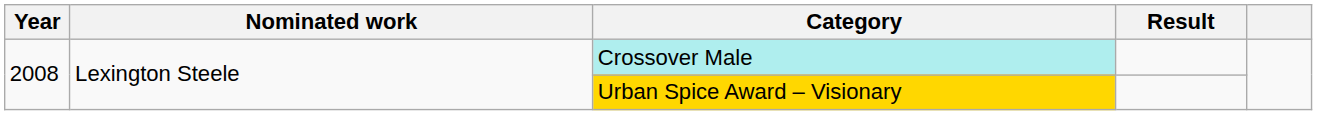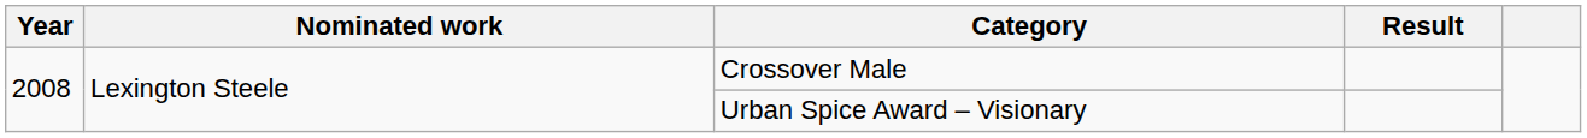 <table class="wikitable" style="width:75%;">
 <tr>
 <th width=5%>Year</th>
 <th style="width:40%;">Nominated work</th>
 <th style="width:40%;">Category</th>
 <th style="width:10%;">Result</th>
 <th width=5%></th>
 </tr>
 <tr>
 <td rowspan="2">2008</td>
 <td rowspan="2">Lexington Steele</td>
-<td style="background: paleturquoise;">Crossover Male</td>
+<td>Crossover Male</td>
 <td></td>
 <td style="text-align:center;" rowspan="2"></td>
 </tr>
 <tr>
-<td style="background: gold;">Urban Spice Award – Visionary</td>
+<td>Urban Spice Award – Visionary</td>
 <td></td>
 </tr>
 </table>
